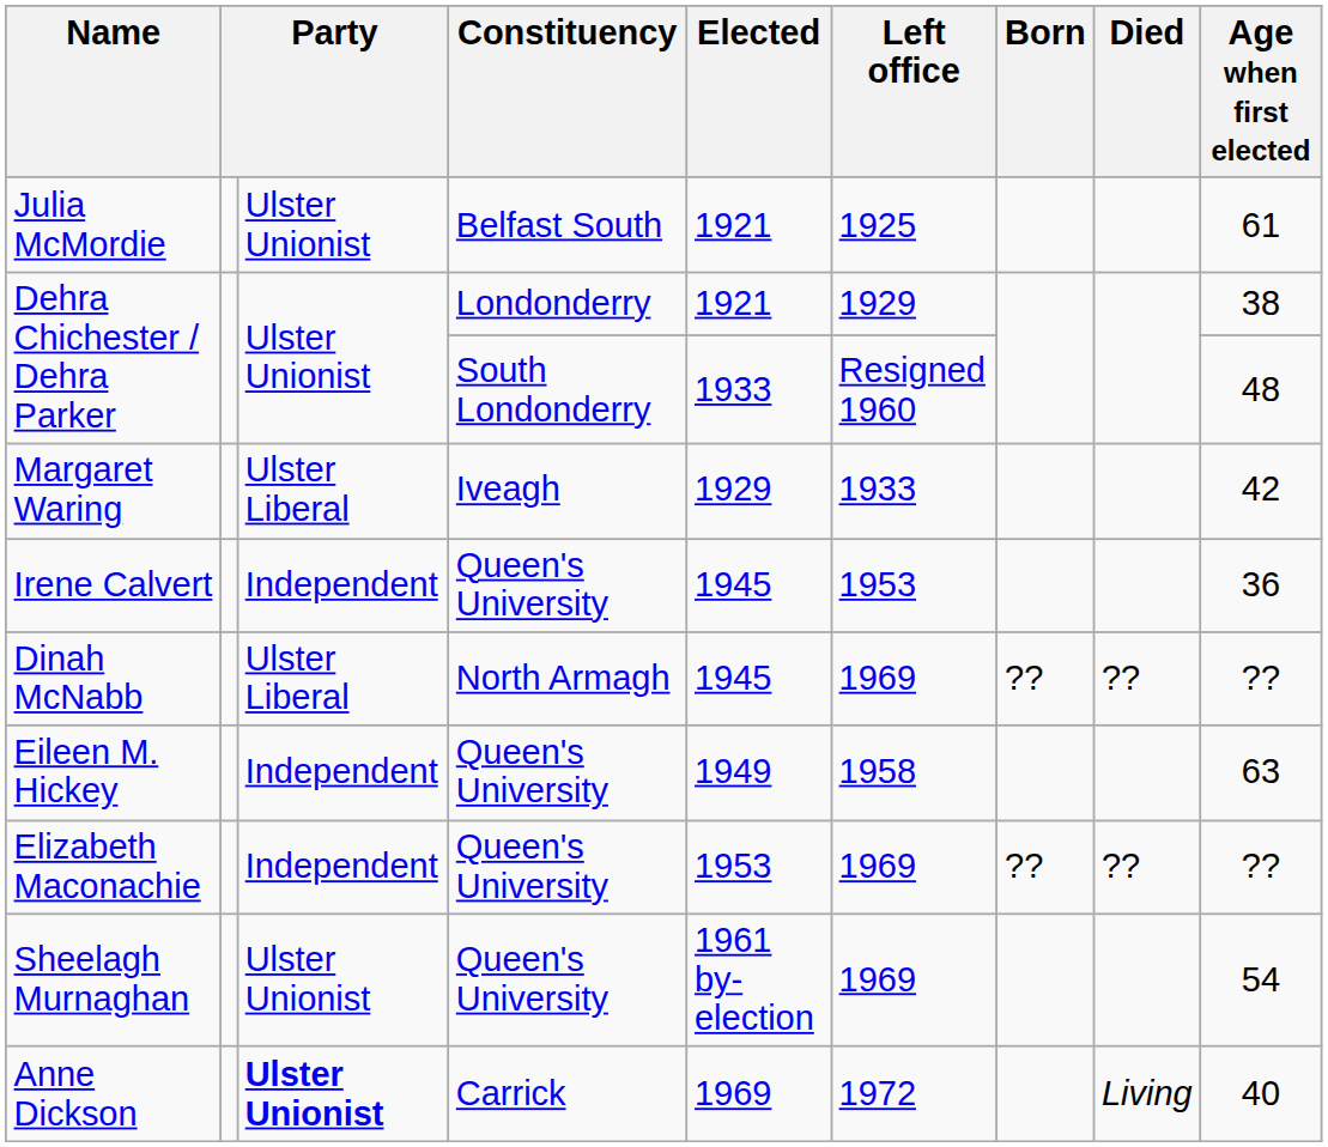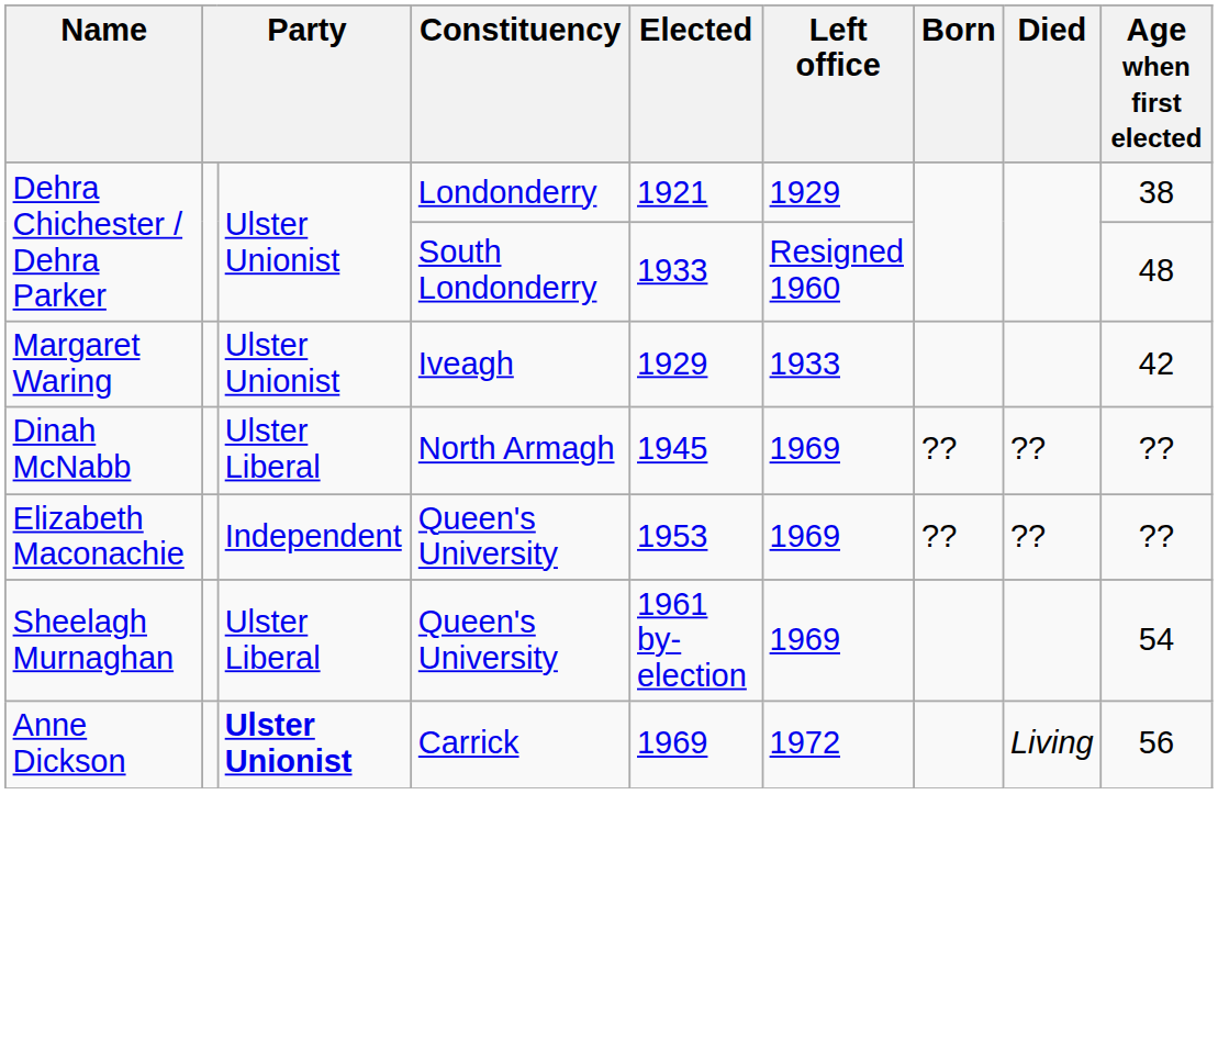 <table class=" wikitable sortable">
 <tr valign="top">
 <th>Name</th>
 <th colspan="2">Party</th>
 <th>Constituency</th>
 <th>Elected</th>
 <th>Left office</th>
 <th>Born</th>
 <th>Died</th>
 <th>Age<br><small>when first elected</small></th>
-</tr>
-<tr>
-<td data-sort-value="McMordie, Julia"><a href='#'>Julia McMordie</a></td>
-<td style="background-color:"></td>
-<td><a href='#'>Ulster Unionist</a></td>
-<td><a href='#'>Belfast South</a></td>
-<td><a href='#'>1921</a></td>
-<td><a href='#'>1925</a></td>
-<td></td>
-<td></td>
-<td align="center">61</td>
 </tr>
 <tr>
 <td rowspan="2" data-sort-value="Parker, Dehra"><a href='#'>Dehra Chichester / Dehra Parker</a></td>
 <td rowspan="2" style="background-color:"></td>
 <td rowspan="2"><a href='#'>Ulster Unionist</a></td>
 <td><a href='#'>Londonderry</a></td>
 <td><a href='#'>1921</a></td>
 <td><a href='#'>1929</a></td>
 <td rowspan="2"></td>
 <td rowspan="2"></td>
 <td align="center">38</td>
 </tr>
 <tr>
 <td> <a href='#'>South Londonderry</a></td>
 <td><a href='#'>1933</a></td>
 <td> <a href='#'>Resigned 1960</a></td>
 <td align="center">48</td>
 </tr>
 <tr>
 <td data-sort-value="Waring, Margaret"><a href='#'>Margaret Waring</a></td>
 <td style="background-color:"></td>
-<td><a href='#'>Ulster Liberal</a></td>
+<td><a href='#'>Ulster Unionist</a></td>
 <td><a href='#'>Iveagh</a></td>
 <td><a href='#'>1929</a></td>
 <td><a href='#'>1933</a></td>
 <td></td>
 <td></td>
 <td align="center">42</td>
-</tr>
-<tr>
-<td data-sort-value="Calvert, Irene"><a href='#'>Irene Calvert</a></td>
-<td style="background-color:"></td>
-<td><a href='#'>Independent</a></td>
-<td><a href='#'>Queen's University</a></td>
-<td><a href='#'>1945</a></td>
-<td><a href='#'>1953</a></td>
-<td></td>
-<td></td>
-<td align="center">36</td>
 </tr>
 <tr>
 <td data-sort-value="McNabb, Dinah"><a href='#'>Dinah McNabb</a></td>
 <td style="background-color:"></td>
 <td><a href='#'>Ulster Liberal</a></td>
 <td> <a href='#'>North Armagh</a></td>
 <td><a href='#'>1945</a></td>
 <td><a href='#'>1969</a></td>
 <td>??</td>
 <td>??</td>
 <td align="center">??</td>
-</tr>
-<tr>
-<td data-sort-value="Hickey, Eileen M."><a href='#'>Eileen M. Hickey</a></td>
-<td style="background-color:"></td>
-<td><a href='#'>Independent</a></td>
-<td><a href='#'>Queen's University</a></td>
-<td><a href='#'>1949</a></td>
-<td><a href='#'>1958</a></td>
-<td></td>
-<td></td>
-<td align="center">63</td>
 </tr>
 <tr>
 <td data-sort-value="Maconachie, Elizabeth"><a href='#'>Elizabeth Maconachie</a></td>
 <td style="background-color:"></td>
 <td><a href='#'>Independent</a></td>
 <td><a href='#'>Queen's University</a></td>
 <td><a href='#'>1953</a></td>
 <td><a href='#'>1969</a></td>
 <td>??</td>
 <td>??</td>
 <td align="center">??</td>
 </tr>
 <tr>
 <td data-sort-value="Murnaghan, Sheelagh"><a href='#'>Sheelagh Murnaghan</a></td>
 <td style="background-color:"></td>
-<td><a href='#'>Ulster Unionist</a></td>
+<td><a href='#'>Ulster Liberal</a></td>
 <td><a href='#'>Queen's University</a></td>
 <td><a href='#'>1961 by-election</a></td>
 <td><a href='#'>1969</a></td>
 <td></td>
 <td></td>
 <td align="center">54</td>
 </tr>
 <tr>
 <td data-sort-value="Dickson, Anne"><a href='#'>Anne Dickson</a></td>
 <td style="background-color:"></td>
 <td><strong><a href='#'>Ulster Unionist</a></strong></td>
 <td><a href='#'>Carrick</a></td>
 <td><a href='#'>1969</a></td>
 <td><a href='#'>1972</a></td>
 <td></td>
 <td><em>Living</em></td>
-<td align="center">40</td>
+<td align="center">56</td>
 </tr>
 </table>
